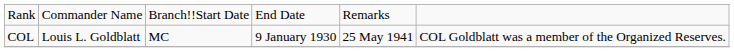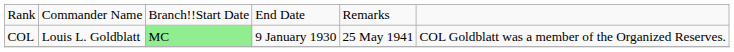 <table class="wikitable">
 <tr>
 <td>Rank</td>
 <td>Commander Name</td>
 <td>Branch!!Start Date</td>
 <td>End Date</td>
 <td>Remarks</td>
 </tr>
 <tr>
 <td>COL</td>
 <td>Louis L. Goldblatt</td>
-<td>MC</td>
+<td style="background: lightgreen;">MC</td>
 <td>9 January 1930</td>
 <td>25 May 1941</td>
 <td>COL Goldblatt was a member of the Organized Reserves.</td>
 </tr>
 <tr>
 </tr>
 </table>
